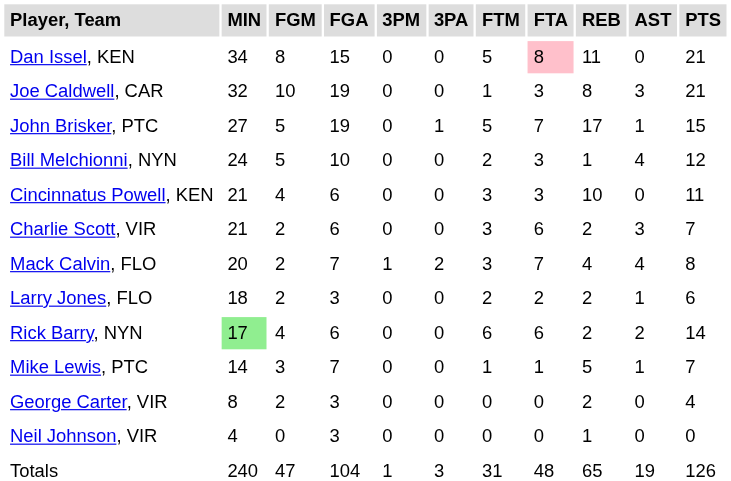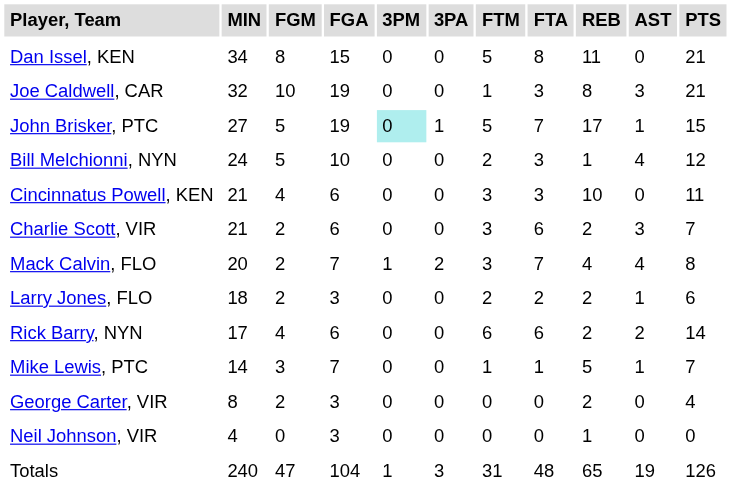 <table cellpadding=5>
 <tr bgcolor="#dddddd">
 <td><strong>Player, Team</strong></td>
 <td><strong>MIN</strong></td>
 <td><strong>FGM</strong></td>
 <td><strong>FGA</strong></td>
 <td><strong>3PM</strong></td>
 <td><strong>3PA</strong></td>
 <td><strong>FTM</strong></td>
 <td><strong>FTA</strong></td>
 <td><strong>REB</strong></td>
 <td><strong>AST</strong></td>
 <td><strong>PTS</strong></td>
 </tr>
 <tr bgcolor="#eeeeee">
 </tr>
 <tr>
 <td><a href='#'>Dan Issel</a>, KEN</td>
 <td>34</td>
 <td>8</td>
 <td>15</td>
 <td>0</td>
 <td>0</td>
 <td>5</td>
-<td style="background: pink;">8</td>
+<td>8</td>
 <td>11</td>
 <td>0</td>
 <td>21</td>
 </tr>
 <tr>
 <td><a href='#'>Joe Caldwell</a>, CAR</td>
 <td>32</td>
 <td>10</td>
 <td>19</td>
 <td>0</td>
 <td>0</td>
 <td>1</td>
 <td>3</td>
 <td>8</td>
 <td>3</td>
 <td>21</td>
 </tr>
 <tr>
 <td><a href='#'>John Brisker</a>, PTC</td>
 <td>27</td>
 <td>5</td>
 <td>19</td>
-<td>0</td>
+<td style="background: paleturquoise;">0</td>
 <td>1</td>
 <td>5</td>
 <td>7</td>
 <td>17</td>
 <td>1</td>
 <td>15</td>
 </tr>
 <tr>
 <td><a href='#'>Bill Melchionni</a>, NYN</td>
 <td>24</td>
 <td>5</td>
 <td>10</td>
 <td>0</td>
 <td>0</td>
 <td>2</td>
 <td>3</td>
 <td>1</td>
 <td>4</td>
 <td>12</td>
 </tr>
 <tr>
 <td><a href='#'>Cincinnatus Powell</a>, KEN</td>
 <td>21</td>
 <td>4</td>
 <td>6</td>
 <td>0</td>
 <td>0</td>
 <td>3</td>
 <td>3</td>
 <td>10</td>
 <td>0</td>
 <td>11</td>
 </tr>
 <tr>
 <td><a href='#'>Charlie Scott</a>, VIR</td>
 <td>21</td>
 <td>2</td>
 <td>6</td>
 <td>0</td>
 <td>0</td>
 <td>3</td>
 <td>6</td>
 <td>2</td>
 <td>3</td>
 <td>7</td>
 </tr>
 <tr>
 <td><a href='#'>Mack Calvin</a>, FLO</td>
 <td>20</td>
 <td>2</td>
 <td>7</td>
 <td>1</td>
 <td>2</td>
 <td>3</td>
 <td>7</td>
 <td>4</td>
 <td>4</td>
 <td>8</td>
 </tr>
 <tr>
 <td><a href='#'>Larry Jones</a>, FLO</td>
 <td>18</td>
 <td>2</td>
 <td>3</td>
 <td>0</td>
 <td>0</td>
 <td>2</td>
 <td>2</td>
 <td>2</td>
 <td>1</td>
 <td>6</td>
 </tr>
 <tr>
 <td><a href='#'>Rick Barry</a>, NYN</td>
-<td style="background: lightgreen;">17</td>
+<td>17</td>
 <td>4</td>
 <td>6</td>
 <td>0</td>
 <td>0</td>
 <td>6</td>
 <td>6</td>
 <td>2</td>
 <td>2</td>
 <td>14</td>
 </tr>
 <tr>
 <td><a href='#'>Mike Lewis</a>, PTC</td>
 <td>14</td>
 <td>3</td>
 <td>7</td>
 <td>0</td>
 <td>0</td>
 <td>1</td>
 <td>1</td>
 <td>5</td>
 <td>1</td>
 <td>7</td>
 </tr>
 <tr>
 <td><a href='#'>George Carter</a>, VIR</td>
 <td>8</td>
 <td>2</td>
 <td>3</td>
 <td>0</td>
 <td>0</td>
 <td>0</td>
 <td>0</td>
 <td>2</td>
 <td>0</td>
 <td>4</td>
 </tr>
 <tr>
 <td><a href='#'>Neil Johnson</a>, VIR</td>
 <td>4</td>
 <td>0</td>
 <td>3</td>
 <td>0</td>
 <td>0</td>
 <td>0</td>
 <td>0</td>
 <td>1</td>
 <td>0</td>
 <td>0</td>
 </tr>
 <tr>
 <td>Totals</td>
 <td>240</td>
 <td>47</td>
 <td>104</td>
 <td>1</td>
 <td>3</td>
 <td>31</td>
 <td>48</td>
 <td>65</td>
 <td>19</td>
 <td>126</td>
 </tr>
 <tr>
 </tr>
 </table>
